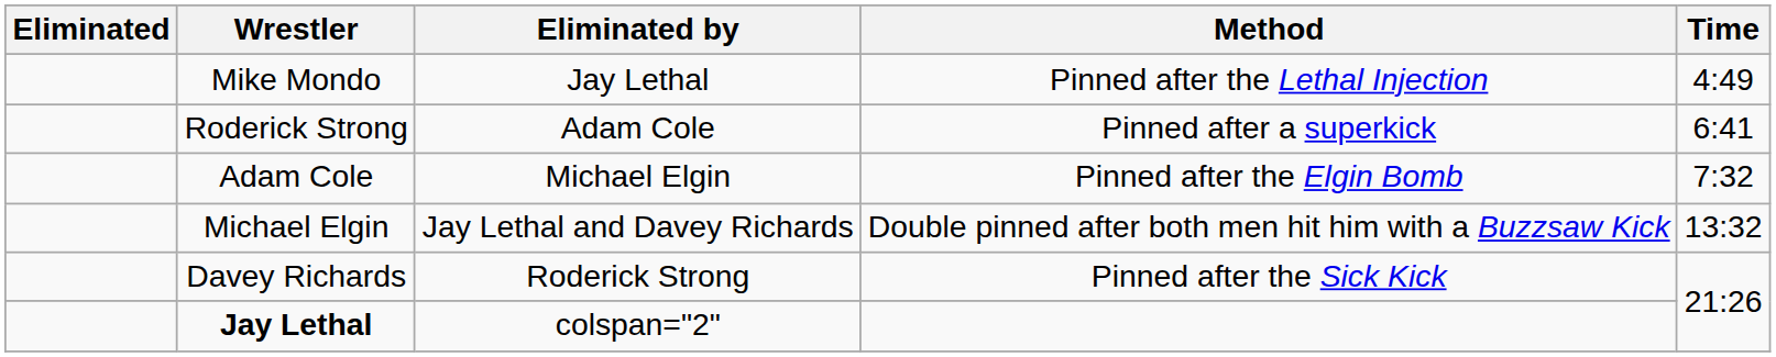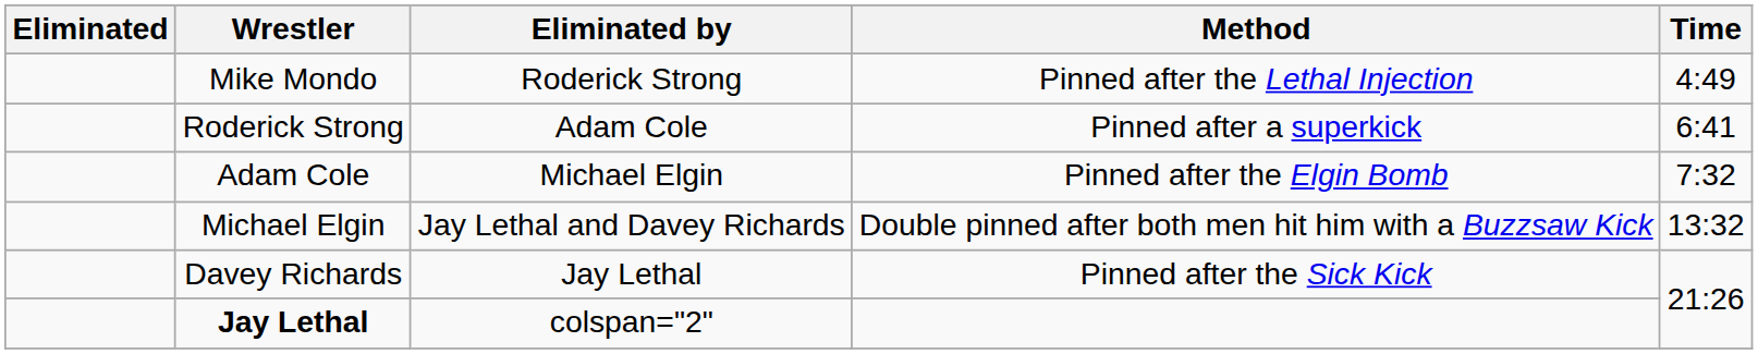 <table class="wikitable sortable" style="text-align:center;">
 <tr>
 <th>Eliminated</th>
 <th>Wrestler</th>
 <th>Eliminated by</th>
 <th>Method</th>
 <th>Time</th>
 </tr>
 <tr>
 <td></td>
 <td>Mike Mondo</td>
-<td>Jay Lethal</td>
+<td>Roderick Strong</td>
 <td>Pinned after the <em><a href='#'>Lethal Injection</a></em></td>
 <td>4:49</td>
 </tr>
 <tr>
 <td></td>
 <td>Roderick Strong</td>
 <td>Adam Cole</td>
 <td>Pinned after a <a href='#'>superkick</a></td>
 <td>6:41</td>
 </tr>
 <tr>
 <td></td>
 <td>Adam Cole</td>
 <td>Michael Elgin</td>
 <td>Pinned after the <em><a href='#'>Elgin Bomb</a></em></td>
 <td>7:32</td>
 </tr>
 <tr>
 <td></td>
 <td>Michael Elgin</td>
 <td>Jay Lethal and Davey Richards</td>
 <td>Double pinned after both men hit him with a <em><a href='#'>Buzzsaw Kick</a></em></td>
 <td>13:32</td>
 </tr>
 <tr>
 <td></td>
 <td>Davey Richards</td>
-<td>Roderick Strong</td>
+<td>Jay Lethal</td>
 <td>Pinned after the <em><a href='#'>Sick Kick</a></em></td>
 <td rowspan=2>21:26</td>
 </tr>
 <tr>
 <td></td>
 <td><strong>Jay Lethal</strong></td>
 <td>colspan="2" </td>
 </tr>
 </table>
